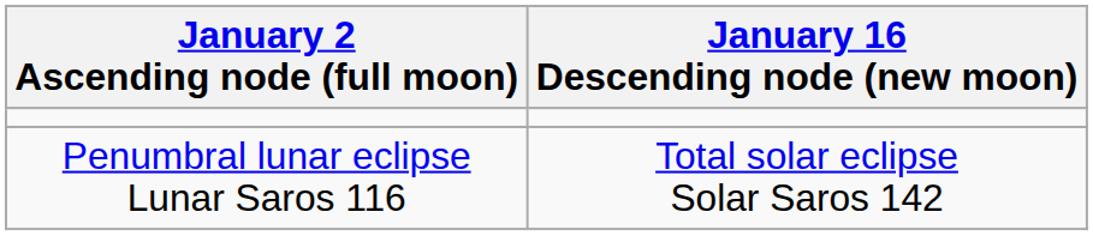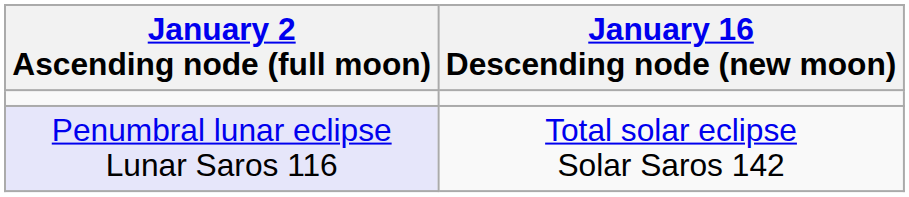 <table class="wikitable">
 <tr>
 <th><a href='#'>January 2</a><br>Ascending node (full moon)<br></th>
 <th><a href='#'>January 16</a><br>Descending node (new moon)<br></th>
 </tr>
 <tr>
 <td></td>
 <td></td>
 </tr>
 <tr align=center>
-<td><a href='#'>Penumbral lunar eclipse</a><br>Lunar Saros 116</td>
+<td style="background: lavender;"><a href='#'>Penumbral lunar eclipse</a><br>Lunar Saros 116</td>
 <td><a href='#'>Total solar eclipse</a><br>Solar Saros 142</td>
 </tr>
 </table>
